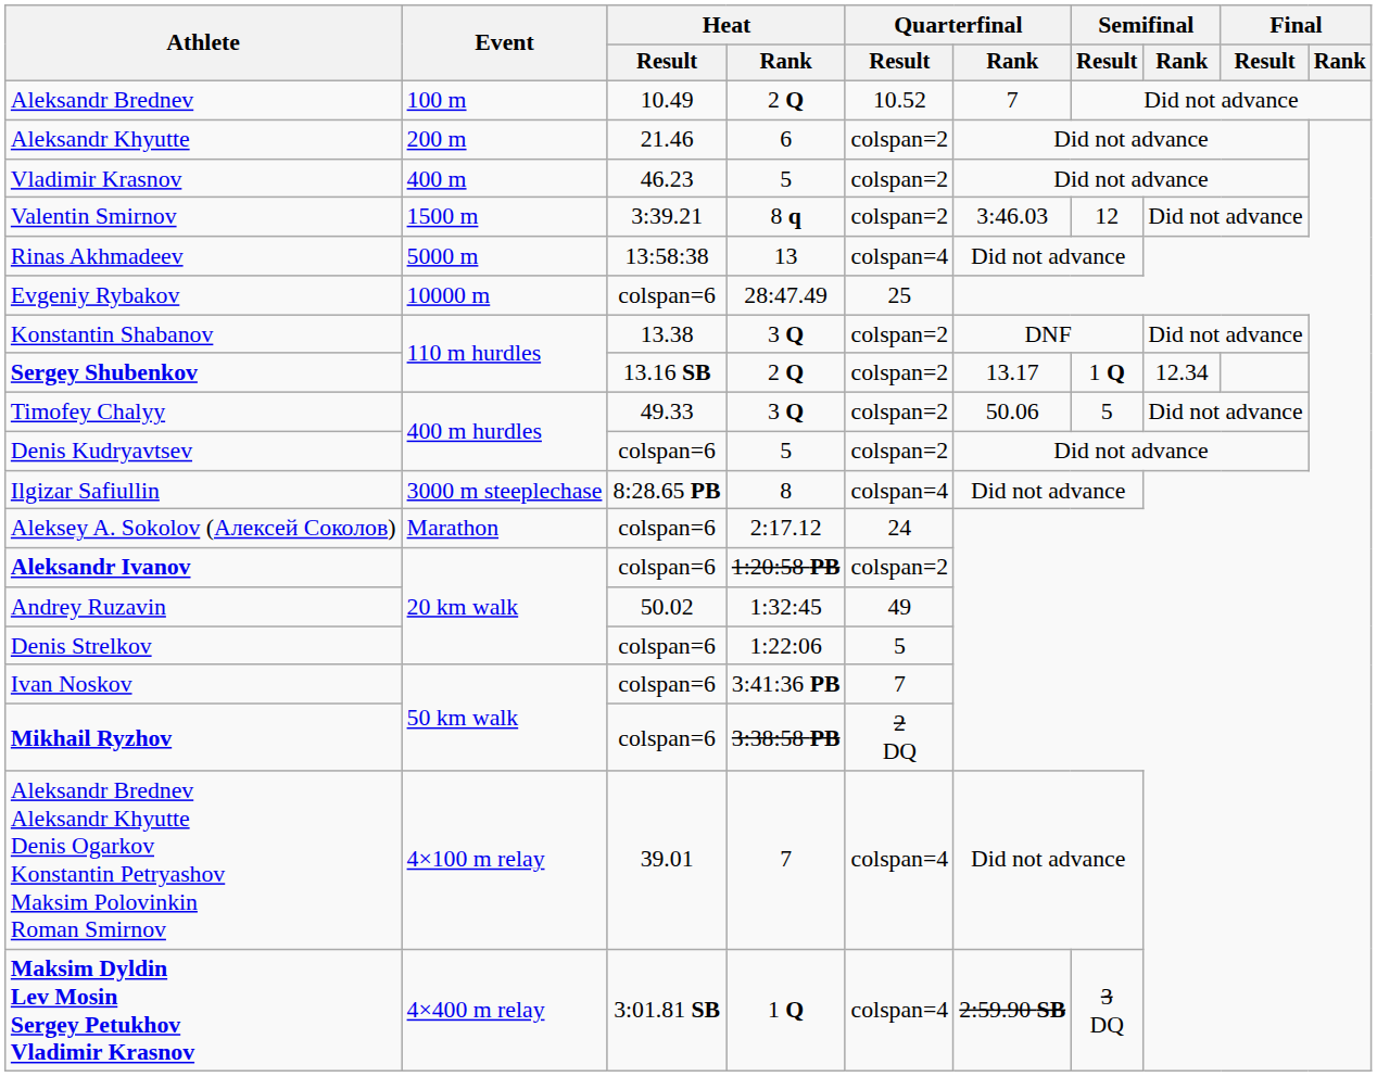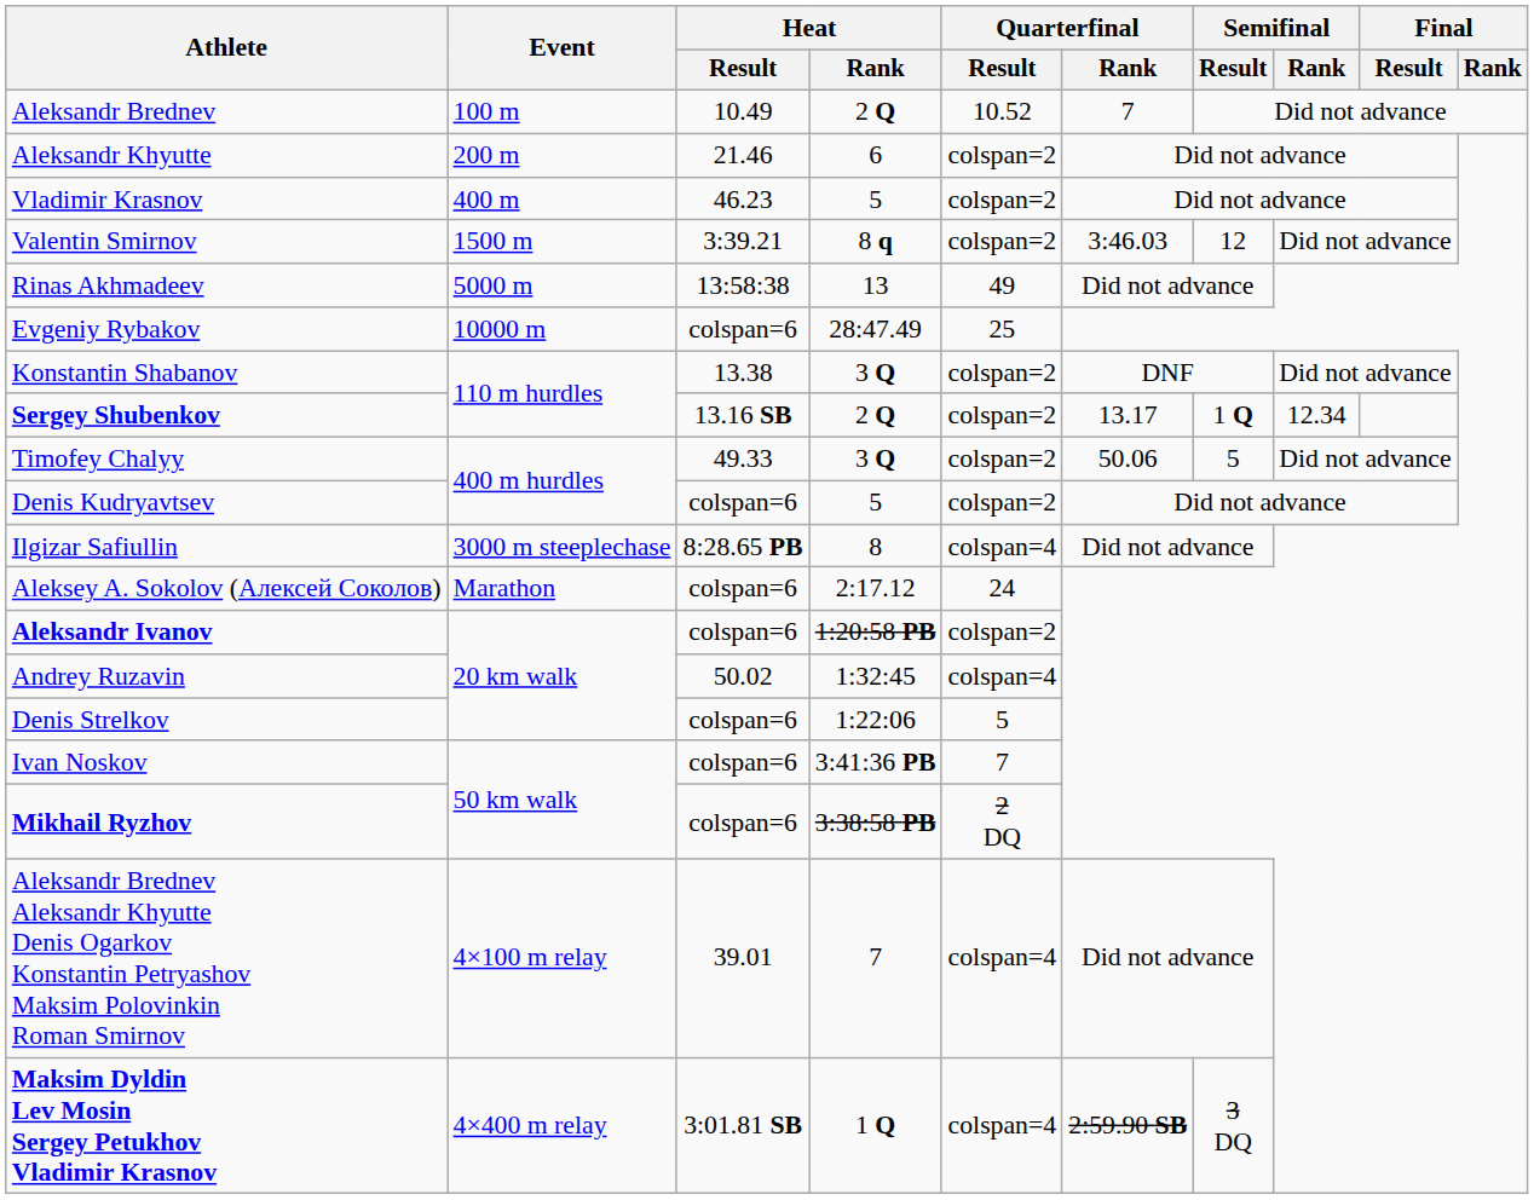 <table class="wikitable" style="font-size:90%">
 <tr>
 <th rowspan="2">Athlete</th>
 <th rowspan="2">Event</th>
 <th colspan="2">Heat</th>
 <th colspan="2">Quarterfinal</th>
 <th colspan="2">Semifinal</th>
 <th colspan="2">Final</th>
 </tr>
 <tr style="font-size:95%">
 <th>Result</th>
 <th>Rank</th>
 <th>Result</th>
 <th>Rank</th>
 <th>Result</th>
 <th>Rank</th>
 <th>Result</th>
 <th>Rank</th>
 </tr>
 <tr align=center>
 <td align=left><a href='#'>Aleksandr Brednev</a></td>
 <td align=left><a href='#'>100 m</a></td>
 <td>10.49</td>
 <td>2 <strong>Q</strong></td>
 <td>10.52</td>
 <td>7</td>
 <td colspan=4>Did not advance</td>
 </tr>
 <tr align=center>
 <td align=left><a href='#'>Aleksandr Khyutte</a></td>
 <td align=left><a href='#'>200 m</a></td>
 <td>21.46</td>
 <td>6</td>
 <td>colspan=2 </td>
 <td colspan=4>Did not advance</td>
 </tr>
 <tr align=center>
 <td align=left><a href='#'>Vladimir Krasnov</a></td>
 <td align=left><a href='#'>400 m</a></td>
 <td>46.23</td>
 <td>5</td>
 <td>colspan=2 </td>
 <td colspan=4>Did not advance</td>
 </tr>
 <tr align=center>
 <td align=left><a href='#'>Valentin Smirnov</a></td>
 <td align=left><a href='#'>1500 m</a></td>
 <td>3:39.21</td>
 <td>8 <strong>q</strong></td>
 <td>colspan=2 </td>
 <td>3:46.03</td>
 <td>12</td>
 <td colspan=2>Did not advance</td>
 </tr>
 <tr align=center>
 <td align=left><a href='#'>Rinas Akhmadeev</a></td>
 <td align=left><a href='#'>5000 m</a></td>
 <td>13:58:38</td>
 <td>13</td>
-<td>colspan=4 </td>
+<td>49</td>
 <td colspan=2>Did not advance</td>
 </tr>
 <tr align=center>
 <td align=left><a href='#'>Evgeniy Rybakov</a></td>
 <td align=left><a href='#'>10000 m</a></td>
 <td>colspan=6 </td>
 <td>28:47.49</td>
 <td>25</td>
 </tr>
 <tr align=center>
 <td align=left><a href='#'>Konstantin Shabanov</a></td>
 <td align=left rowspan=2><a href='#'>110 m hurdles</a></td>
 <td>13.38</td>
 <td>3 <strong>Q</strong></td>
 <td>colspan=2 </td>
 <td colspan=2>DNF</td>
 <td colspan=2>Did not advance</td>
 </tr>
 <tr align=center>
 <td align=left><strong><a href='#'>Sergey Shubenkov</a></strong></td>
 <td>13.16 <strong>SB</strong></td>
 <td>2 <strong>Q</strong></td>
 <td>colspan=2 </td>
 <td>13.17</td>
 <td>1 <strong>Q</strong></td>
 <td>12.34</td>
 <td align=center></td>
 </tr>
 <tr align=center>
 <td align=left><a href='#'>Timofey Chalyy</a></td>
 <td align=left rowspan=2><a href='#'>400 m hurdles</a></td>
 <td>49.33</td>
 <td>3 <strong>Q</strong></td>
 <td>colspan=2 </td>
 <td>50.06</td>
 <td>5</td>
 <td colspan=2>Did not advance</td>
 </tr>
 <tr align=center>
 <td align=left><a href='#'>Denis Kudryavtsev</a></td>
 <td>colspan=6 </td>
 <td>5</td>
 <td>colspan=2 </td>
 <td colspan=4>Did not advance</td>
 </tr>
 <tr align=center>
 <td align=left><a href='#'>Ilgizar Safiullin</a></td>
 <td align=left><a href='#'>3000 m steeplechase</a></td>
 <td>8:28.65 <strong>PB</strong></td>
 <td>8</td>
 <td>colspan=4 </td>
 <td colspan=2>Did not advance</td>
 </tr>
 <tr align=center>
 <td align=left><a href='#'>Aleksey A. Sokolov</a> (<a href='#'>Алексей Соколов</a>)</td>
 <td align=left><a href='#'>Marathon</a></td>
 <td>colspan=6 </td>
 <td>2:17.12</td>
 <td>24</td>
 </tr>
 <tr align=center>
 <td align=left><strong><a href='#'>Aleksandr Ivanov</a></strong></td>
 <td align=left rowspan=3><a href='#'>20 km walk</a></td>
 <td>colspan=6 </td>
 <td><s>1:20:58 <strong>PB</strong></s></td>
 <td>colspan=2 </td>
 </tr>
 <tr align=center>
 <td align=left><a href='#'>Andrey Ruzavin</a></td>
 <td>50.02</td>
 <td>1:32:45</td>
-<td>49</td>
+<td>colspan=4 </td>
 </tr>
 <tr align=center>
 <td align=left><a href='#'>Denis Strelkov</a></td>
 <td>colspan=6 </td>
 <td>1:22:06</td>
 <td>5</td>
 </tr>
 <tr align=center>
 <td align=left><a href='#'>Ivan Noskov</a></td>
 <td align=left rowspan=2><a href='#'>50 km walk</a></td>
 <td>colspan=6 </td>
 <td>3:41:36 <strong>PB</strong></td>
 <td>7</td>
 </tr>
 <tr align=center>
 <td align=left><strong><a href='#'>Mikhail Ryzhov</a></strong></td>
 <td>colspan=6 </td>
 <td><s>3:38:58 <strong>PB</strong></s></td>
 <td><s>2</s><br>DQ</td>
 </tr>
 <tr align=center>
 <td align=left><a href='#'>Aleksandr Brednev</a><br><a href='#'>Aleksandr Khyutte</a><br><a href='#'>Denis Ogarkov</a><br><a href='#'>Konstantin Petryashov</a><br><a href='#'>Maksim Polovinkin</a><br><a href='#'>Roman Smirnov</a></td>
 <td align=left><a href='#'>4×100 m relay</a></td>
 <td>39.01</td>
 <td>7</td>
 <td>colspan=4 </td>
 <td colspan=2>Did not advance</td>
 </tr>
 <tr align=center>
 <td align=left><strong><a href='#'>Maksim Dyldin</a><br><a href='#'>Lev Mosin</a><br><a href='#'>Sergey Petukhov</a><br><a href='#'>Vladimir Krasnov</a></strong></td>
 <td align=left><a href='#'>4×400 m relay</a></td>
 <td>3:01.81 <strong>SB</strong></td>
 <td>1 <strong>Q</strong></td>
 <td>colspan=4 </td>
 <td><s>2:59.90 <strong>SB</strong></s></td>
 <td><s>3</s><br>DQ</td>
 </tr>
 </table>
